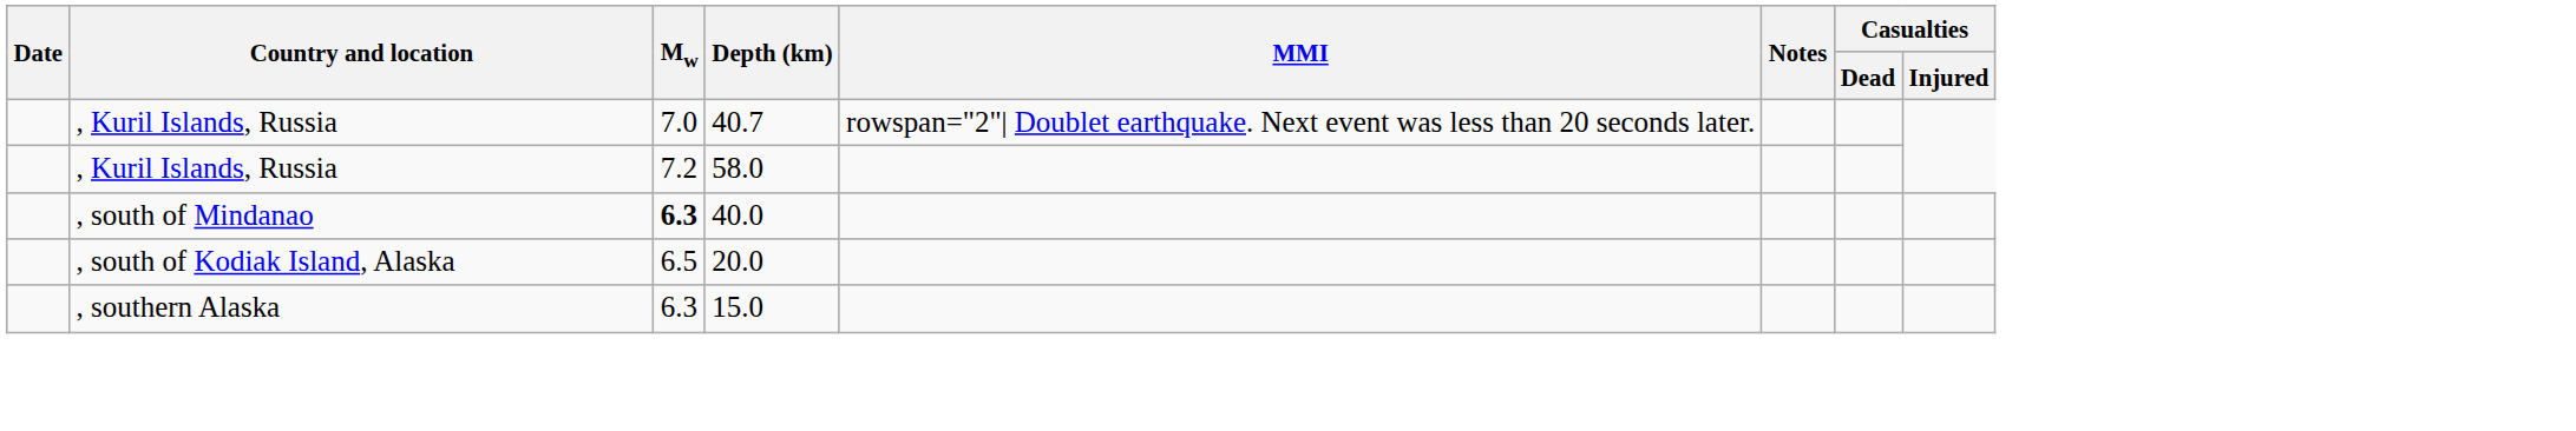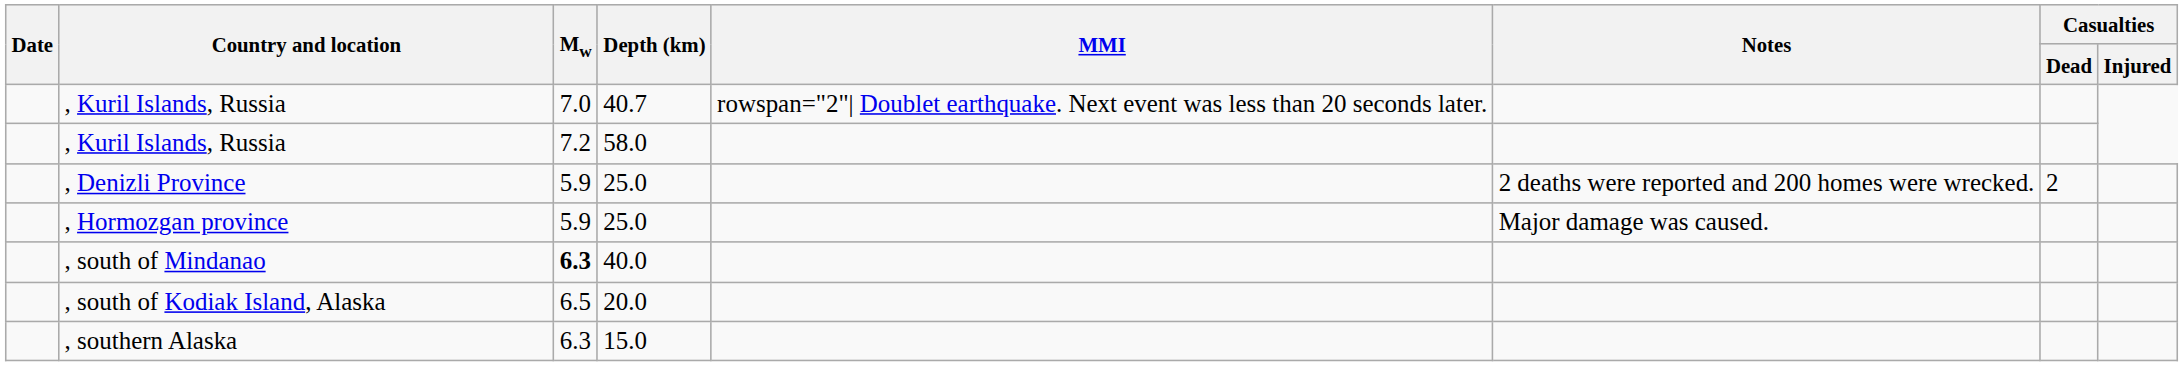 <table class="wikitable sortable sort-under" style="border:1px black; margin-left:1em;">
 <tr>
 <th rowspan="2"><small>Date</small></th>
 <th rowspan="2" style="width: 310px"><small>Country and location</small></th>
 <th rowspan="2"><small>M<sub>w</sub></small></th>
 <th rowspan="2"><small>Depth (km)</small></th>
 <th rowspan="2"><small><a href='#'>MMI</a></small></th>
 <th rowspan="2" class="unsortable"><small>Notes</small></th>
 <th colspan="2"><small>Casualties</small></th>
 </tr>
 <tr>
 <th><small>Dead</small></th>
 <th><small>Injured</small></th>
 </tr>
 <tr>
 <td></td>
 <td>, <a href='#'>Kuril Islands</a>, Russia</td>
 <td>7.0</td>
 <td>40.7</td>
 <td>rowspan="2"| <a href='#'>Doublet earthquake</a>. Next event was less than 20 seconds later.</td>
 <td></td>
 <td></td>
 </tr>
 <tr>
 <td></td>
 <td>, <a href='#'>Kuril Islands</a>, Russia</td>
 <td>7.2</td>
 <td>58.0</td>
 <td></td>
 <td></td>
 <td></td>
 </tr>
 <tr>
 <td></td>
+<td>, <a href='#'>Denizli Province</a></td>
+<td>5.9</td>
+<td>25.0</td>
+<td></td>
+<td>2 deaths were reported and 200 homes were wrecked.</td>
+<td>2</td>
+<td></td>
+</tr>
+<tr>
+<td></td>
+<td>, <a href='#'>Hormozgan province</a></td>
+<td>5.9</td>
+<td>25.0</td>
+<td></td>
+<td>Major damage was caused.</td>
+<td></td>
+<td></td>
+</tr>
+<tr>
+<td></td>
 <td>, south of <a href='#'>Mindanao</a></td>
 <td><strong>6.3</strong></td>
 <td>40.0</td>
 <td></td>
 <td></td>
 <td></td>
 <td></td>
 </tr>
 <tr>
 <td></td>
 <td>, south of <a href='#'>Kodiak Island</a>, Alaska</td>
 <td>6.5</td>
 <td>20.0</td>
 <td></td>
 <td></td>
 <td></td>
 <td></td>
 </tr>
 <tr>
 <td></td>
 <td>, southern Alaska</td>
 <td>6.3</td>
 <td>15.0</td>
 <td></td>
 <td></td>
 <td></td>
 <td></td>
 </tr>
 </table>
